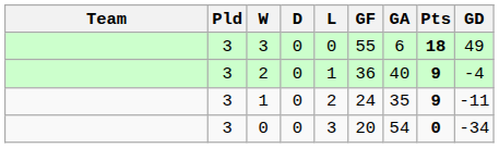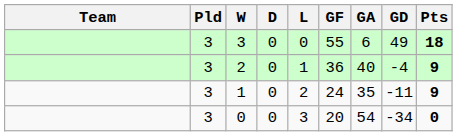 <table class="wikitable" style="text-align:center;">
 <tr>
 <th width=150>Team</th>
 <th width=20>Pld</th>
 <th width=20>W</th>
 <th width=20>D</th>
 <th width=20>L</th>
 <th width=20>GF</th>
 <th width=20>GA</th>
+<th width=20>GD</th>
 <th width=20>Pts</th>
-<th width=20>GD</th>
 </tr>
 <tr bgcolor=ccffcc>
 <td align="left"></td>
 <td>3</td>
 <td>3</td>
 <td>0</td>
 <td>0</td>
 <td>55</td>
 <td>6</td>
+<td>49</td>
 <td><strong>18</strong></td>
-<td>49</td>
 </tr>
 <tr bgcolor=ccffcc>
 <td align="left"></td>
 <td>3</td>
 <td>2</td>
 <td>0</td>
 <td>1</td>
 <td>36</td>
 <td>40</td>
+<td>-4</td>
 <td><strong>9</strong></td>
-<td>-4</td>
 </tr>
 <tr>
 <td align="left"></td>
 <td>3</td>
 <td>1</td>
 <td>0</td>
 <td>2</td>
 <td>24</td>
 <td>35</td>
+<td>-11</td>
 <td><strong>9</strong></td>
-<td>-11</td>
 </tr>
 <tr>
 <td align="left"></td>
 <td>3</td>
 <td>0</td>
 <td>0</td>
 <td>3</td>
 <td>20</td>
 <td>54</td>
+<td>-34</td>
 <td><strong>0</strong></td>
-<td>-34</td>
 </tr>
 </table>
